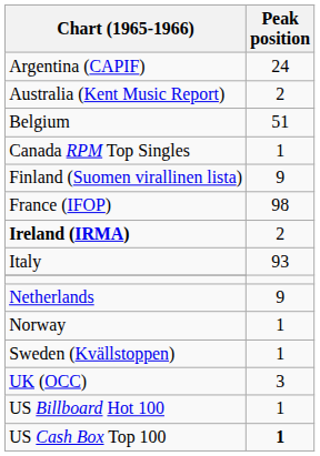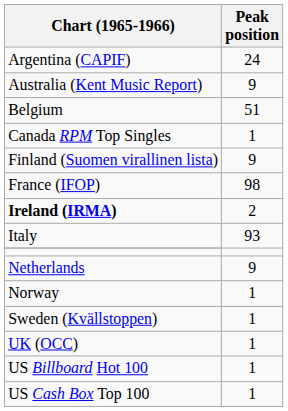 <table class="wikitable sortable">
 <tr>
 <th>Chart (1965-1966)</th>
 <th>Peak<br>position</th>
 </tr>
 <tr>
 <td>Argentina (<a href='#'>CAPIF</a>) </td>
 <td align="center">24</td>
 </tr>
 <tr>
 <td>Australia (<a href='#'>Kent Music Report</a>)</td>
-<td style="text-align:center;">2</td>
+<td style="text-align:center;">9</td>
 </tr>
 <tr>
 <td>Belgium</td>
 <td style="text-align:center;">51</td>
 </tr>
 <tr>
 <td>Canada <em><a href='#'>RPM</a></em> Top Singles</td>
 <td style="text-align:center;">1</td>
 </tr>
 <tr>
 <td>Finland (<a href='#'>Suomen virallinen lista</a>)</td>
 <td align="center">9</td>
 </tr>
 <tr>
 <td>France (<a href='#'>IFOP</a>)</td>
 <td align="center">98</td>
 </tr>
 <tr>
 <td><strong>Ireland (<a href='#'>IRMA</a>)</strong></td>
 <td style="text-align:center;">2</td>
 </tr>
 <tr>
 <td>Italy</td>
 <td style="text-align:center;">93</td>
 </tr>
 <tr>
 </tr>
 <tr>
 <td></td>
 </tr>
 <tr>
 <td><a href='#'>Netherlands</a></td>
 <td style="text-align:center;">9</td>
 </tr>
 <tr>
 <td>Norway</td>
 <td style="text-align:center;">1</td>
 </tr>
 <tr>
 <td>Sweden (<a href='#'>Kvällstoppen</a>)</td>
 <td style="text-align:center;">1</td>
 </tr>
 <tr>
 <td><a href='#'>UK</a> (<a href='#'>OCC</a>)</td>
-<td style="text-align:center;">3</td>
+<td style="text-align:center;">1</td>
 </tr>
 <tr>
 <td>US <em><a href='#'>Billboard</a></em> <a href='#'>Hot 100</a></td>
 <td style="text-align:center;">1</td>
 </tr>
 <tr>
 <td>US <a href='#'><em>Cash Box</em></a> Top 100</td>
-<td align="center"><strong>1</strong></td>
+<td align="center">1</td>
 </tr>
 </table>
